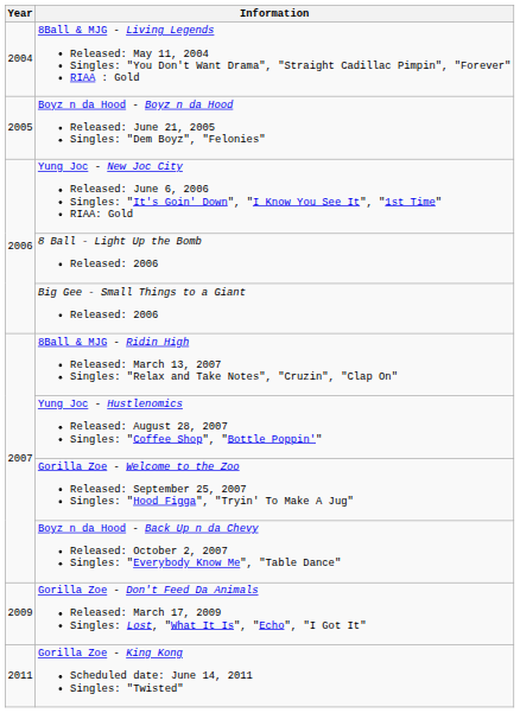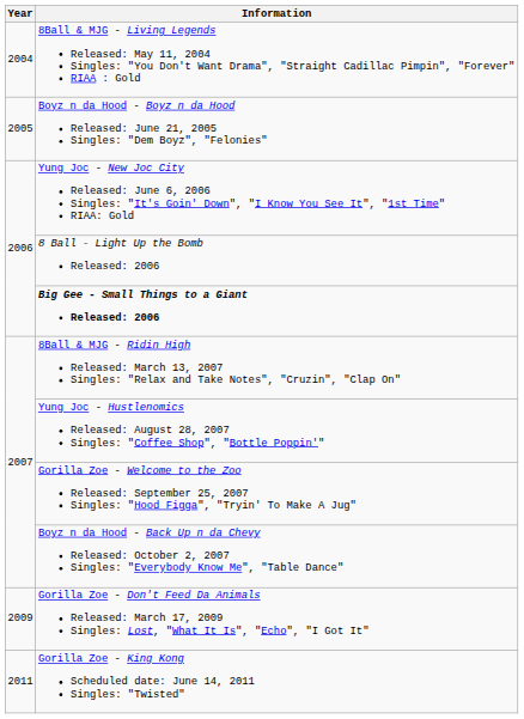 <table class="wikitable">
 <tr>
 <th style="text-align:center;">Year</th>
 <th style="text-align:center;">Information</th>
 </tr>
 <tr>
 <td>2004</td>
 <td align="left"><a href='#'>8Ball & MJG</a> - <em><a href='#'>Living Legends</a></em><br><ul><li>Released: May 11, 2004</li><li>Singles: "You Don't Want Drama", "Straight Cadillac Pimpin", "Forever"</li><li><a href='#'>RIAA</a> : Gold</li></ul></td>
 </tr>
 <tr>
 <td>2005</td>
 <td align="left"><a href='#'>Boyz n da Hood</a> - <em><a href='#'>Boyz n da Hood</a></em><br><ul><li>Released: June 21, 2005</li><li>Singles: "Dem Boyz", "Felonies"</li></ul></td>
 </tr>
 <tr>
 <td rowspan="3">2006</td>
 <td align="left"><a href='#'>Yung Joc</a> - <em><a href='#'>New Joc City</a></em><br><ul><li>Released: June 6, 2006</li><li>Singles: "<a href='#'>It's Goin' Down</a>", "<a href='#'>I Know You See It</a>", "<a href='#'>1st Time</a>"</li><li>RIAA: Gold</li></ul></td>
 </tr>
 <tr>
 <td align="left"><em>8 Ball - Light Up the Bomb</em><br><ul><li>Released: 2006</li></ul></td>
 </tr>
 <tr>
-<td align="left"><em>Big Gee - Small Things to a Giant</em><br><ul><li>Released: 2006</li></ul></td>
+<td align="left"><strong><em>Big Gee - Small Things to a Giant</em><br><ul><li>Released: 2006</li></ul></strong></td>
 </tr>
 <tr>
 <td rowspan="4">2007</td>
 <td align="left"><a href='#'>8Ball & MJG</a> - <em><a href='#'>Ridin High</a></em><br><ul><li>Released: March 13, 2007</li><li>Singles: "Relax and Take Notes", "Cruzin", "Clap On"</li></ul></td>
 </tr>
 <tr>
 <td align="left"><a href='#'>Yung Joc</a> -<em> <a href='#'>Hustlenomics</a></em><br><ul><li>Released: August 28, 2007</li><li>Singles: "<a href='#'>Coffee Shop</a>", "<a href='#'>Bottle Poppin'</a>"</li></ul></td>
 </tr>
 <tr>
 <td align="left"><a href='#'>Gorilla Zoe</a> - <em><a href='#'>Welcome to the Zoo</a></em><br><ul><li>Released: September 25, 2007</li><li>Singles: "<a href='#'>Hood Figga</a>", "Tryin' To Make A Jug"</li></ul></td>
 </tr>
 <tr>
 <td align="left"><a href='#'>Boyz n da Hood</a> - <em><a href='#'>Back Up n da Chevy</a></em><br><ul><li>Released: October 2, 2007</li><li>Singles: "<a href='#'>Everybody Know Me</a>", "Table Dance"</li></ul></td>
 </tr>
 <tr>
 <td>2009</td>
 <td align="left"><a href='#'>Gorilla Zoe</a> - <em><a href='#'>Don't Feed Da Animals</a></em><br><ul><li>Released: March 17, 2009</li><li>Singles: <em><a href='#'>Lost</a></em>, "<a href='#'>What It Is</a>", "<a href='#'>Echo</a>", "I Got It"</li></ul></td>
 </tr>
 <tr>
 <td>2011</td>
 <td align="left"><a href='#'>Gorilla Zoe</a> - <em><a href='#'>King Kong</a></em><br><ul><li>Scheduled date: June 14, 2011</li><li>Singles: "Twisted"</li></ul></td>
 </tr>
 </table>
